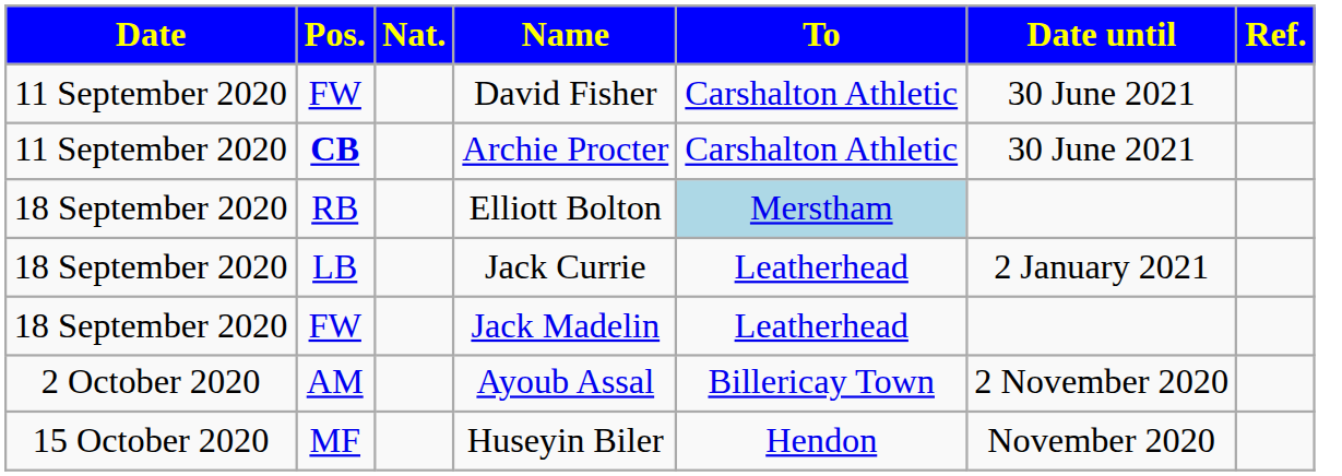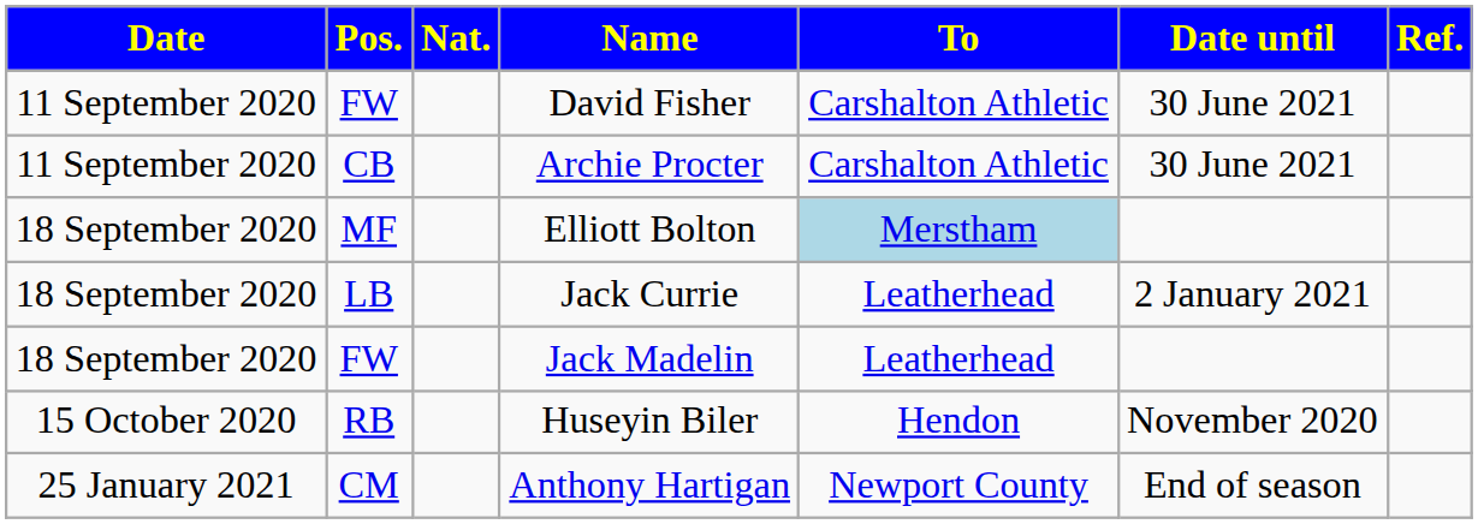 <table class="wikitable"  style="text-align:center; font-size:90%; ">
 <tr>
 <th style="background:#0000ff; color:#FFFF00; ">Date</th>
 <th style="background:#0000ff; color:#FFFF00; ">Pos.</th>
 <th style="background:#0000ff; color:#FFFF00; ">Nat.</th>
 <th style="background:#0000ff; color:#FFFF00; ">Name</th>
 <th style="background:#0000ff; color:#FFFF00; ">To</th>
 <th style="background:#0000ff; color:#FFFF00; ">Date until</th>
 <th style="background:#0000ff; color:#FFFF00; ">Ref.</th>
 </tr>
 <tr>
 <td>11 September 2020</td>
 <td><a href='#'>FW</a></td>
 <td></td>
 <td>David Fisher</td>
 <td> <a href='#'>Carshalton Athletic</a></td>
 <td>30 June 2021</td>
 <td></td>
 </tr>
 <tr>
 <td>11 September 2020</td>
-<td><strong><a href='#'>CB</a></strong></td>
+<td><a href='#'>CB</a></td>
 <td></td>
 <td><a href='#'>Archie Procter</a></td>
 <td> <a href='#'>Carshalton Athletic</a></td>
 <td>30 June 2021</td>
 <td></td>
 </tr>
 <tr>
 <td>18 September 2020</td>
-<td><a href='#'>RB</a></td>
+<td><a href='#'>MF</a></td>
 <td></td>
 <td>Elliott Bolton</td>
 <td style="background: lightblue;"> <a href='#'>Merstham</a></td>
 <td></td>
 <td></td>
 </tr>
 <tr>
 <td>18 September 2020</td>
 <td><a href='#'>LB</a></td>
 <td></td>
 <td>Jack Currie</td>
 <td> <a href='#'>Leatherhead</a></td>
 <td>2 January 2021</td>
 <td></td>
 </tr>
 <tr>
 <td>18 September 2020</td>
 <td><a href='#'>FW</a></td>
 <td></td>
 <td><a href='#'>Jack Madelin</a></td>
 <td> <a href='#'>Leatherhead</a></td>
 <td></td>
 <td></td>
 </tr>
 <tr>
-<td>2 October 2020</td>
-<td><a href='#'>AM</a></td>
-<td></td>
-<td><a href='#'>Ayoub Assal</a></td>
-<td> <a href='#'>Billericay Town</a></td>
-<td>2 November 2020</td>
-<td></td>
-</tr>
-<tr>
 <td>15 October 2020</td>
-<td><a href='#'>MF</a></td>
+<td><a href='#'>RB</a></td>
 <td></td>
 <td>Huseyin Biler</td>
 <td> <a href='#'>Hendon</a></td>
 <td>November 2020</td>
 <td></td>
 </tr>
+<tr>
+<td>25 January 2021</td>
+<td><a href='#'>CM</a></td>
+<td></td>
+<td><a href='#'>Anthony Hartigan</a></td>
+<td> <a href='#'>Newport County</a></td>
+<td>End of season</td>
+<td></td>
+</tr>
 </table>
